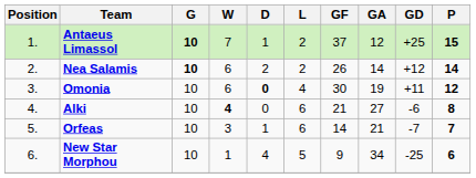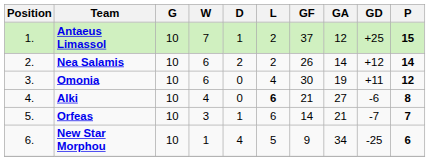 <table class="wikitable sortable" style="text-align: center;">
 <tr>
 <th width="44">Position</th>
 <th width="135">Team</th>
 <th width="40">G</th>
 <th width="40">W</th>
 <th width="40">D</th>
 <th width="40">L</th>
 <th width="40">GF</th>
 <th width="40">GA</th>
 <th width="40">GD</th>
 <th width="40">P</th>
 </tr>
 <tr bgcolor="D0F0C0">
 <td>1.</td>
 <td align="left"><strong><a href='#'>Antaeus Limassol</a></strong></td>
-<td><strong>10</strong></td>
+<td>10</td>
 <td>7</td>
 <td>1</td>
 <td>2</td>
 <td>37</td>
 <td>12</td>
 <td>+25</td>
 <td><strong>15</strong></td>
 </tr>
 <tr>
 <td>2.</td>
 <td align="left"><strong><a href='#'>Nea Salamis</a></strong></td>
-<td><strong>10</strong></td>
+<td>10</td>
 <td>6</td>
 <td>2</td>
 <td>2</td>
 <td>26</td>
 <td>14</td>
 <td>+12</td>
 <td><strong>14</strong></td>
 </tr>
 <tr>
 <td>3.</td>
 <td align="left"><strong><a href='#'>Omonia</a></strong></td>
 <td>10</td>
 <td>6</td>
-<td><strong>0</strong></td>
+<td>0</td>
 <td>4</td>
 <td>30</td>
 <td>19</td>
 <td>+11</td>
 <td><strong>12 </strong></td>
 </tr>
 <tr>
 <td>4.</td>
 <td align="left"><strong><a href='#'>Alki</a></strong></td>
 <td>10</td>
-<td><strong>4</strong></td>
+<td>4</td>
 <td>0</td>
-<td>6</td>
+<td><strong>6</strong></td>
 <td>21</td>
 <td>27</td>
 <td>-6</td>
 <td><strong>8</strong></td>
 </tr>
 <tr>
 <td>5.</td>
 <td align="left"><strong><a href='#'>Orfeas</a></strong></td>
 <td>10</td>
 <td>3</td>
 <td>1</td>
 <td>6</td>
 <td>14</td>
 <td>21</td>
 <td>-7</td>
 <td><strong>7</strong></td>
 </tr>
 <tr>
 <td>6.</td>
 <td align="left"><strong><a href='#'>New Star Morphou</a></strong></td>
 <td>10</td>
 <td>1</td>
 <td>4</td>
 <td>5</td>
 <td>9</td>
 <td>34</td>
 <td>-25</td>
 <td><strong>6</strong></td>
 </tr>
 <tr>
 </tr>
 </table>
